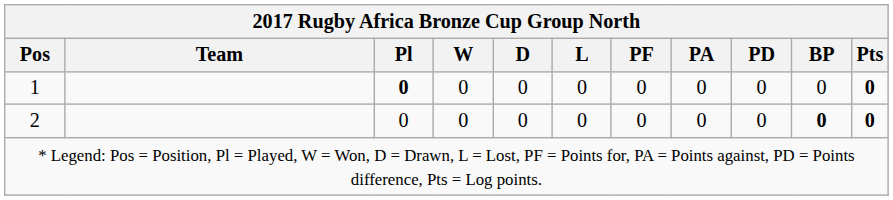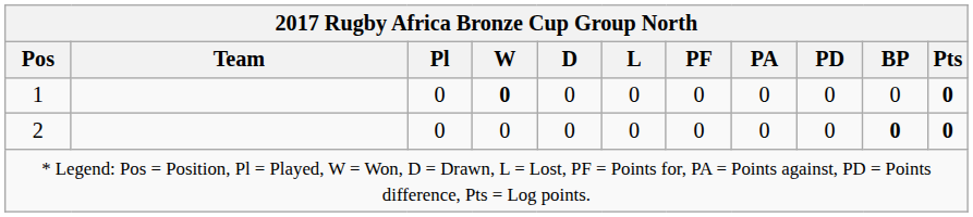 <table class="wikitable" style="text-align:center; font-size:90%; width:50%;">
 <tr>
 <th colspan="100%" cellpadding="0" cellspacing="0"><strong>2017 Rugby Africa Bronze Cup Group North</strong></th>
 </tr>
 <tr>
 <th style="width:7%;">Pos</th>
 <th style="width:37%;">Team</th>
 <th style="width:7%;">Pl</th>
 <th style="width:7%;">W</th>
 <th style="width:7%;">D</th>
 <th style="width:7%;">L</th>
 <th style="width:7%;">PF</th>
 <th style="width:7%;">PA</th>
 <th style="width:7%;">PD</th>
 <th style="width:7%;">BP</th>
 <th style="width:7%;">Pts<br></th>
 </tr>
 <tr>
 <td>1</td>
 <td align=left></td>
+<td>0</td>
 <td><strong>0</strong></td>
-<td>0</td>
 <td>0</td>
 <td>0</td>
 <td>0</td>
 <td>0</td>
 <td>0</td>
 <td>0</td>
 <td><strong>0</strong></td>
 </tr>
 <tr>
 <td>2</td>
 <td align=left> <em></em></td>
 <td>0</td>
 <td>0</td>
 <td>0</td>
 <td>0</td>
 <td>0</td>
 <td>0</td>
 <td>0</td>
 <td><strong>0</strong></td>
 <td><strong>0</strong></td>
 </tr>
 <tr>
 <td colspan="100%" style="border:0px"><small>* Legend: Pos = Position, Pl = Played, W = Won, D = Drawn, L = Lost, PF = Points for, PA = Points against, PD = Points difference, Pts = Log points.</small></td>
 </tr>
 </table>
